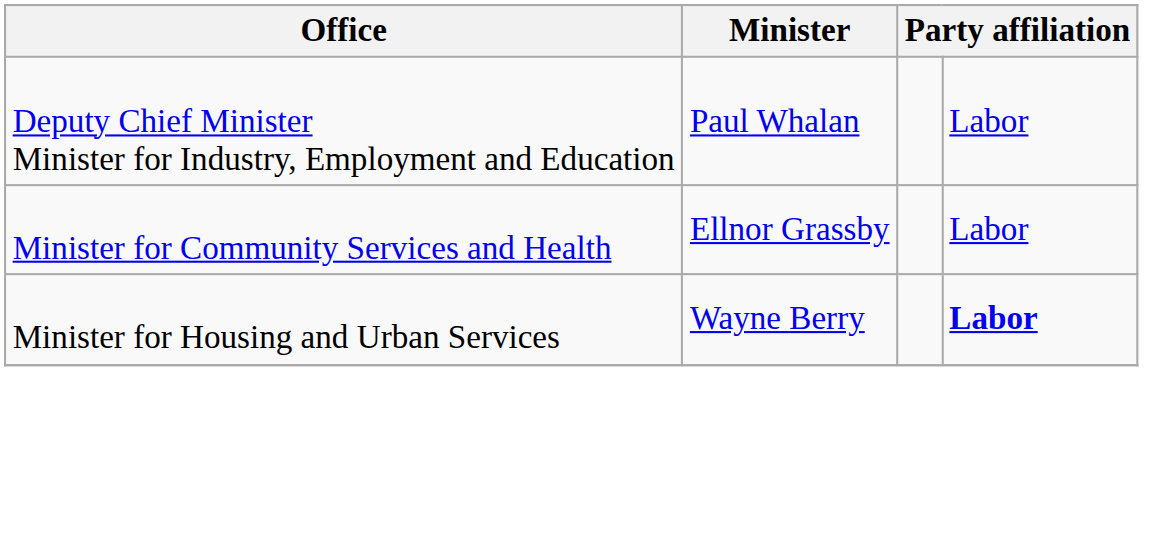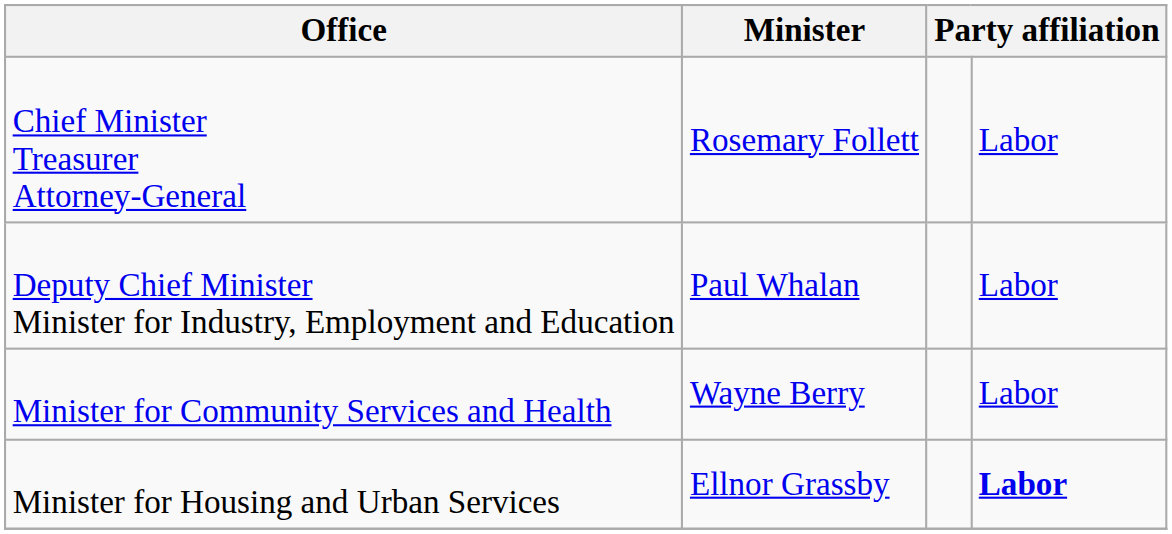 <table class="wikitable">
 <tr>
 <th>Office</th>
 <th>Minister</th>
 <th colspan=2>Party affiliation</th>
+</tr>
+<tr>
+<td><br><a href='#'>Chief Minister</a><br> <a href='#'>Treasurer</a><br> <a href='#'>Attorney-General</a></td>
+<td><a href='#'>Rosemary Follett</a></td>
+<td> </td>
+<td><a href='#'>Labor</a></td>
 </tr>
 <tr>
 <td><br><a href='#'>Deputy Chief Minister</a><br> Minister for Industry, Employment and Education</td>
 <td><a href='#'>Paul Whalan</a></td>
 <td> </td>
 <td><a href='#'>Labor</a></td>
 </tr>
 <tr>
 <td><br><a href='#'>Minister for Community Services and Health</a></td>
-<td><a href='#'>Ellnor Grassby</a></td>
+<td><a href='#'>Wayne Berry</a></td>
 <td> </td>
 <td><a href='#'>Labor</a></td>
 </tr>
 <tr>
 <td><br>Minister for Housing and Urban Services</td>
-<td><a href='#'>Wayne Berry</a></td>
+<td><a href='#'>Ellnor Grassby</a></td>
 <td> </td>
 <td><strong><a href='#'>Labor</a></strong></td>
 </tr>
 <tr>
 </tr>
 </table>
